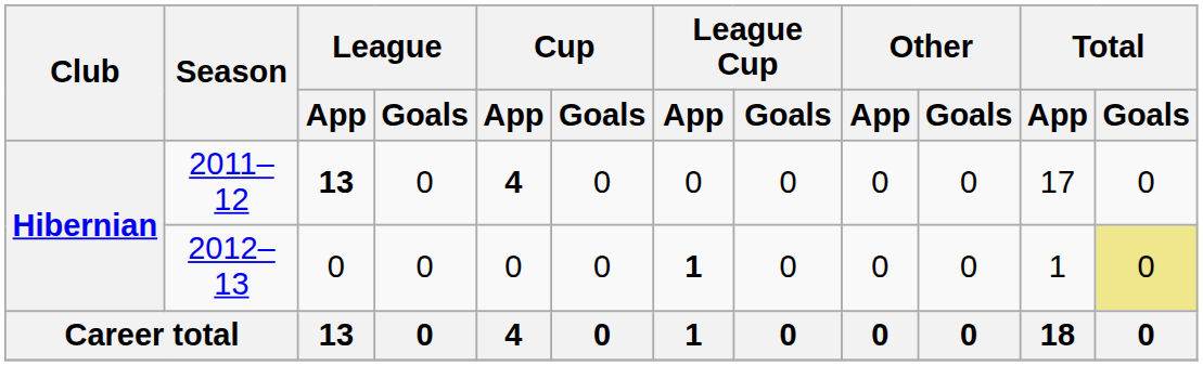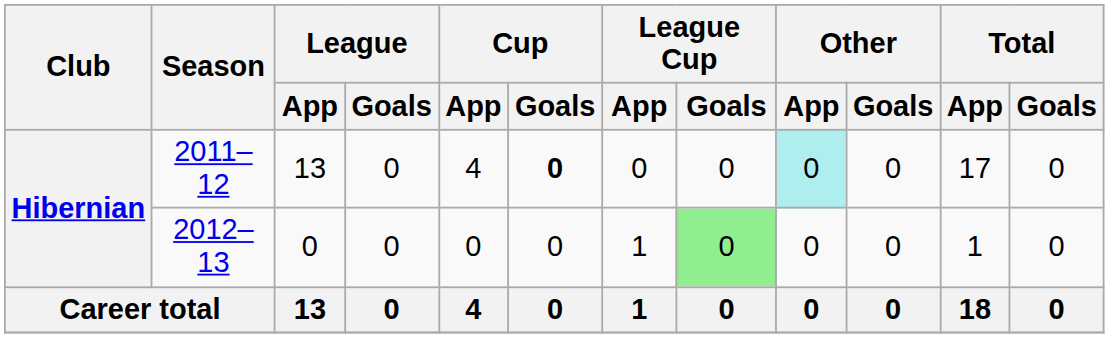 <table class="wikitable" style="font-size:100%; text-align:center">
 <tr>
 <th rowspan="2">Club</th>
 <th rowspan="2">Season</th>
 <th colspan="2">League</th>
 <th colspan="2">Cup</th>
 <th colspan="2">League Cup</th>
 <th colspan="2">Other</th>
 <th colspan="2">Total</th>
 </tr>
 <tr>
 <th>App</th>
 <th>Goals</th>
 <th>App</th>
 <th>Goals</th>
 <th>App</th>
 <th>Goals</th>
 <th>App</th>
 <th>Goals</th>
 <th>App</th>
 <th>Goals</th>
 </tr>
 <tr>
 <th rowspan=2 valign=centre><a href='#'>Hibernian</a></th>
 <td><a href='#'>2011–12</a></td>
-<td><strong>13</strong></td>
+<td>13</td>
 <td>0</td>
-<td><strong>4</strong></td>
+<td>4</td>
+<td><strong>0</strong></td>
 <td>0</td>
 <td>0</td>
-<td>0</td>
-<td>0</td>
+<td style="background: paleturquoise;">0</td>
 <td>0</td>
 <td>17</td>
 <td>0</td>
 </tr>
 <tr>
 <td><a href='#'>2012–13</a></td>
 <td>0</td>
 <td>0</td>
 <td>0</td>
 <td>0</td>
-<td><strong>1</strong></td>
-<td>0</td>
+<td>1</td>
+<td style="background: lightgreen;">0</td>
 <td>0</td>
 <td>0</td>
 <td>1</td>
-<td style="background: khaki;">0</td>
+<td>0</td>
 </tr>
 <tr>
 <th colspan="2">Career total</th>
 <th>13</th>
 <th>0</th>
 <th>4</th>
 <th>0</th>
 <th>1</th>
 <th>0</th>
 <th>0</th>
 <th>0</th>
 <th>18</th>
 <th>0</th>
 </tr>
 <tr>
 </tr>
 </table>
